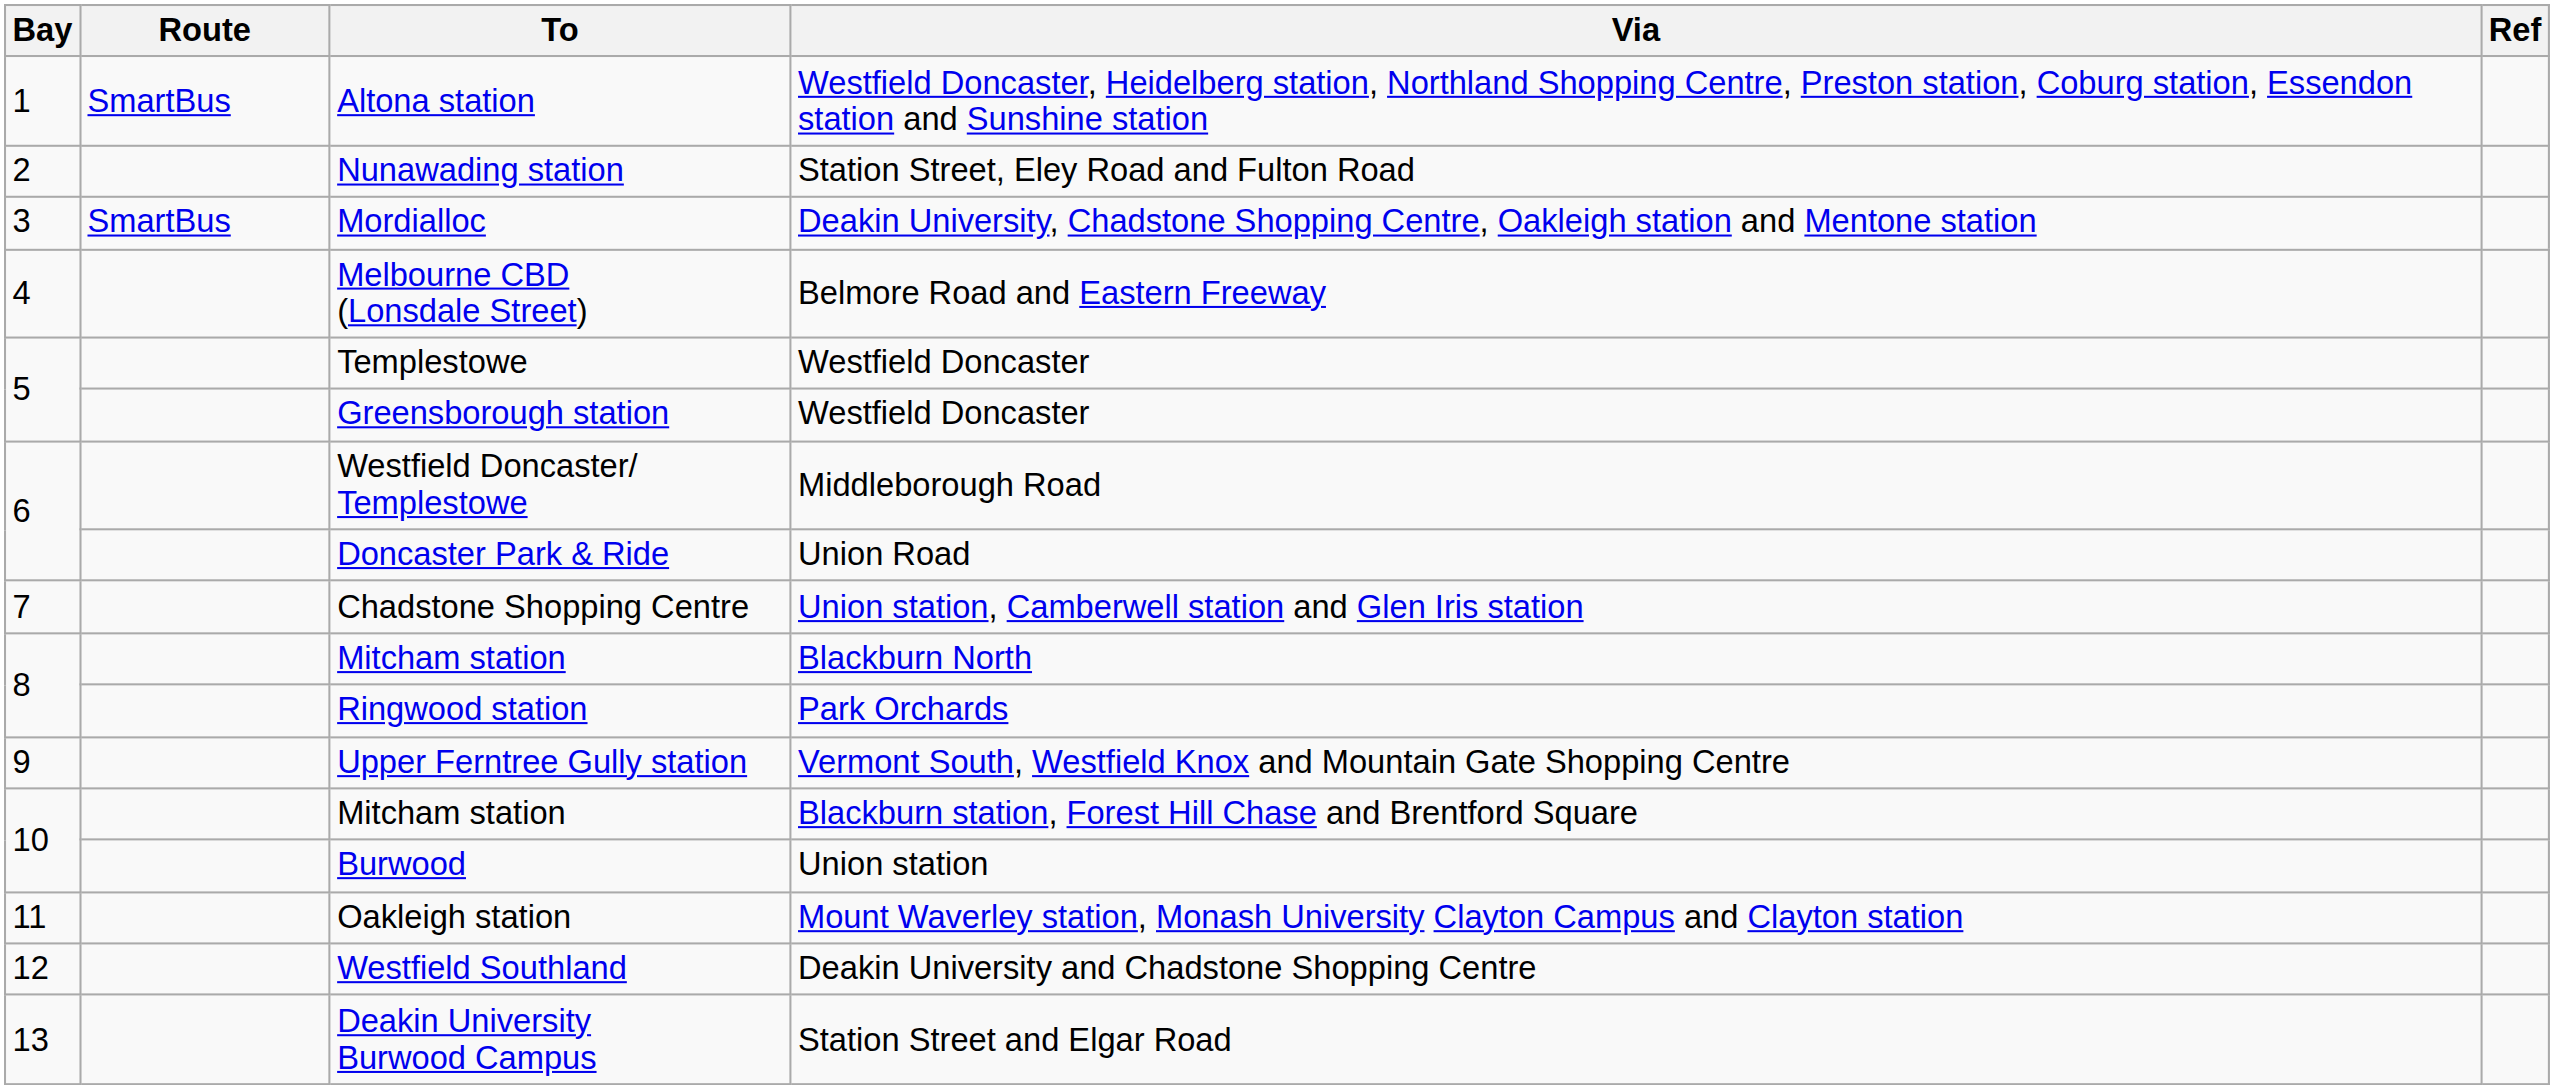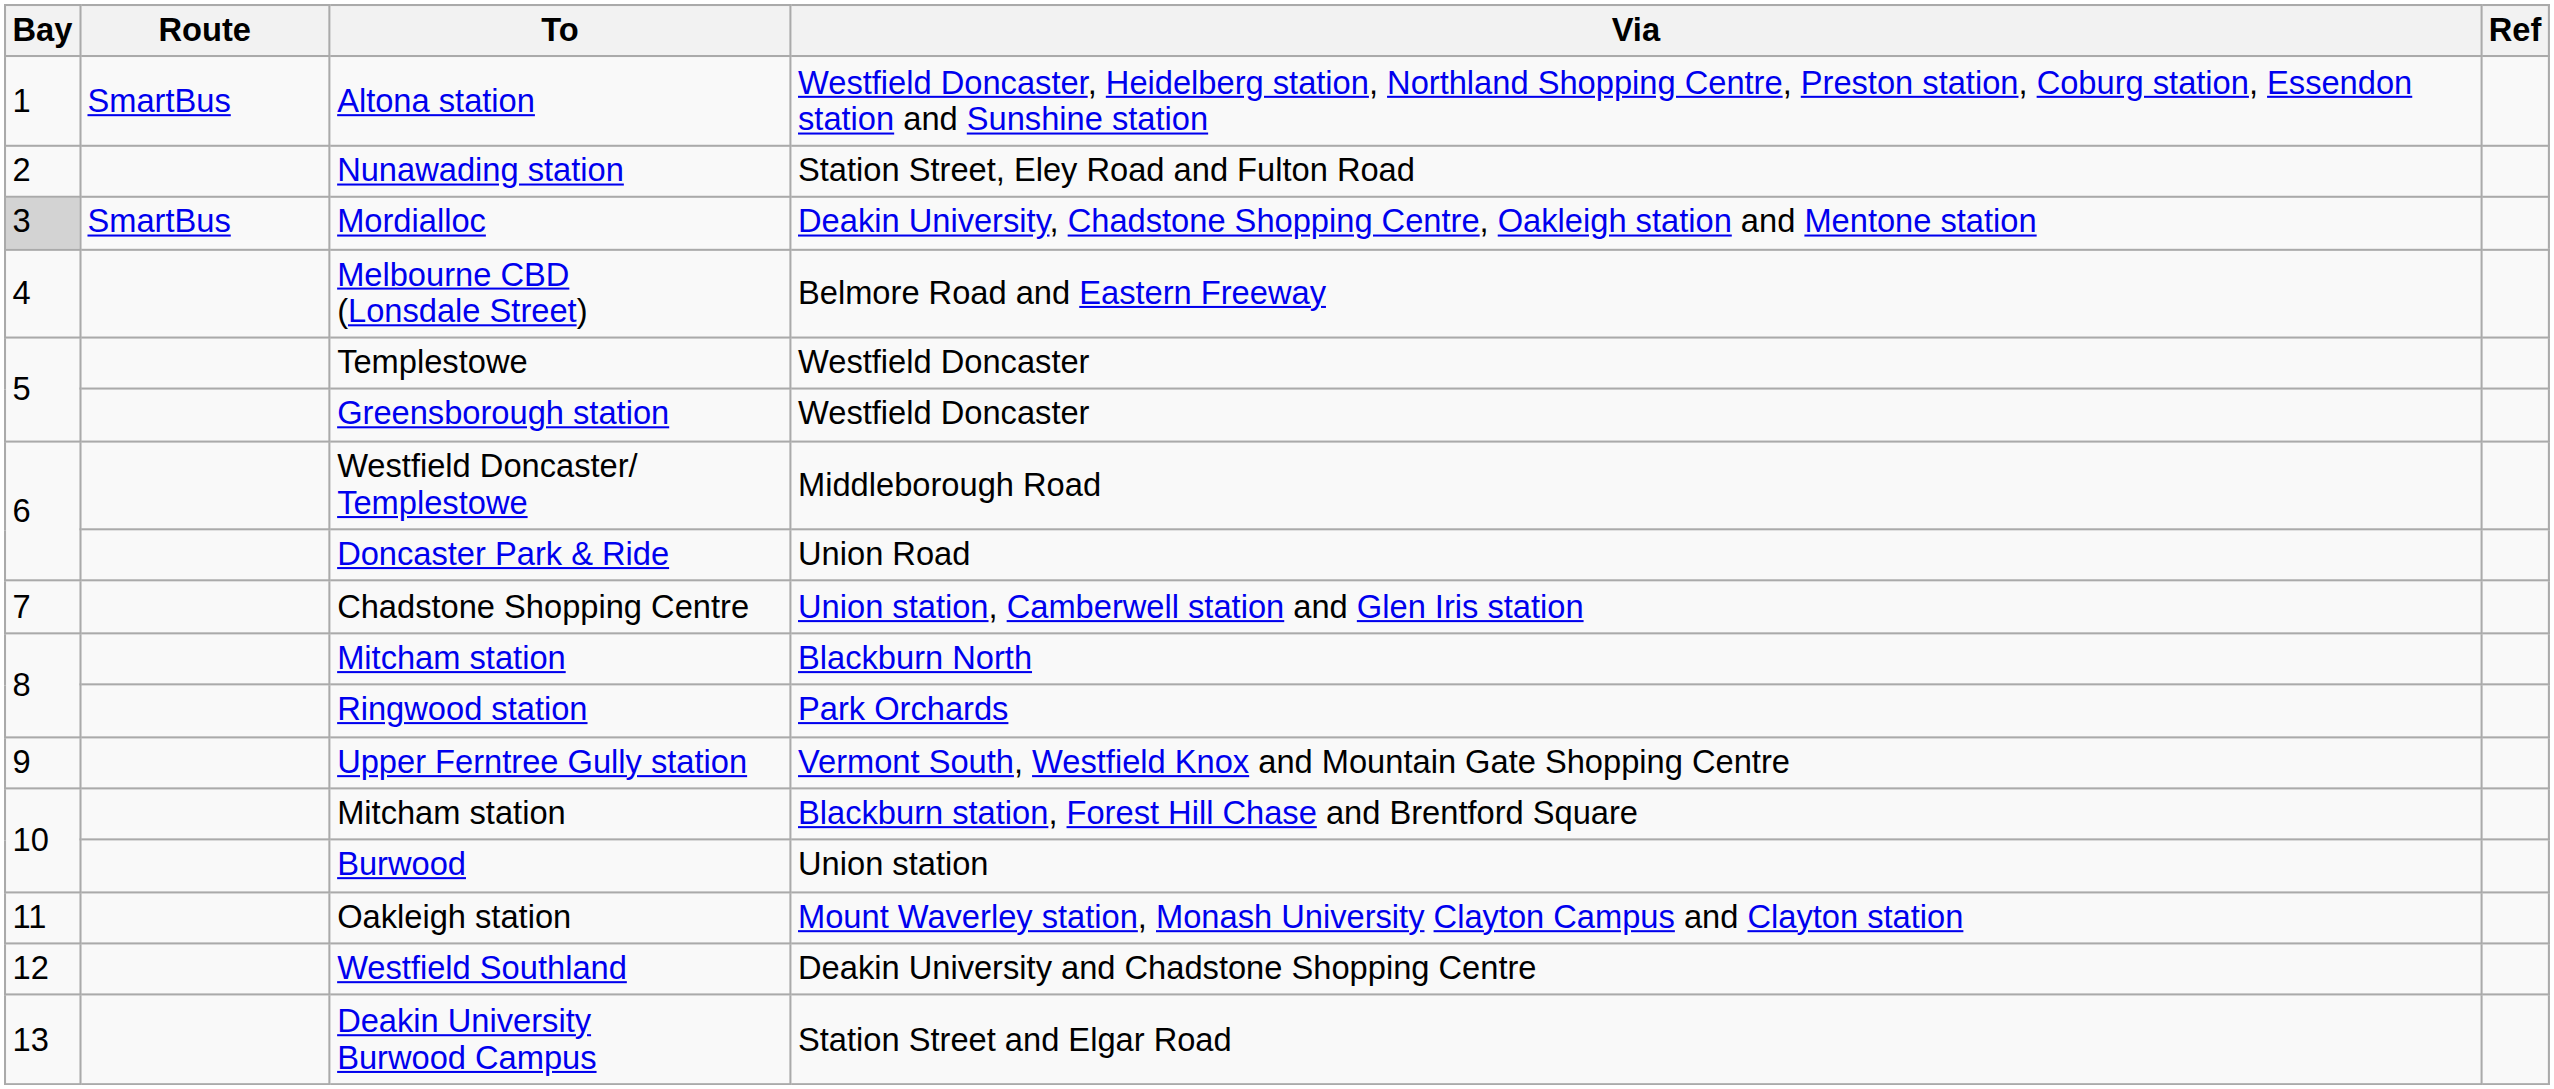 <table class="wikitable">
 <tr>
 <th>Bay</th>
 <th style=width:115px>Route</th>
 <th>To</th>
 <th>Via</th>
 <th>Ref</th>
 </tr>
 <tr>
 <td>1</td>
 <td><a href='#'>SmartBus</a> </td>
 <td><a href='#'>Altona station</a></td>
 <td><a href='#'>Westfield Doncaster</a>, <a href='#'>Heidelberg station</a>, <a href='#'>Northland Shopping Centre</a>, <a href='#'>Preston station</a>, <a href='#'>Coburg station</a>, <a href='#'>Essendon station</a> and <a href='#'>Sunshine station</a></td>
 <td></td>
 </tr>
 <tr>
 <td>2</td>
 <td></td>
 <td><a href='#'>Nunawading station</a></td>
 <td>Station Street, Eley Road and Fulton Road</td>
 <td></td>
 </tr>
 <tr>
-<td>3</td>
+<td style="background: lightgrey;">3</td>
 <td><a href='#'>SmartBus</a> </td>
 <td><a href='#'>Mordialloc</a></td>
 <td><a href='#'>Deakin University</a>, <a href='#'>Chadstone Shopping Centre</a>, <a href='#'>Oakleigh station</a> and <a href='#'>Mentone station</a></td>
 </tr>
 <tr>
 <td>4</td>
 <td></td>
 <td><a href='#'>Melbourne CBD</a><br>(<a href='#'>Lonsdale Street</a>)</td>
 <td>Belmore Road and <a href='#'>Eastern Freeway</a></td>
 <td></td>
 </tr>
 <tr>
 <td rowspan="2">5</td>
 <td></td>
 <td>Templestowe</td>
 <td>Westfield Doncaster</td>
 <td></td>
 </tr>
 <tr>
 <td></td>
 <td><a href='#'>Greensborough station</a></td>
 <td>Westfield Doncaster</td>
 <td></td>
 </tr>
 <tr>
 <td rowspan="2">6</td>
 <td></td>
 <td>Westfield Doncaster/ <a href='#'>Templestowe</a></td>
 <td>Middleborough Road</td>
 <td></td>
 </tr>
 <tr>
 <td></td>
 <td><a href='#'>Doncaster Park & Ride</a></td>
 <td>Union Road</td>
 <td></td>
 </tr>
 <tr>
 <td>7</td>
 <td></td>
 <td>Chadstone Shopping Centre</td>
 <td><a href='#'>Union station</a>, <a href='#'>Camberwell station</a> and <a href='#'>Glen Iris station</a></td>
 <td></td>
 </tr>
 <tr>
 <td rowspan="2">8</td>
 <td></td>
 <td><a href='#'>Mitcham station</a></td>
 <td><a href='#'>Blackburn North</a></td>
 <td></td>
 </tr>
 <tr>
 <td></td>
 <td><a href='#'>Ringwood station</a></td>
 <td><a href='#'>Park Orchards</a></td>
 <td></td>
 </tr>
 <tr>
 <td>9</td>
 <td></td>
 <td><a href='#'>Upper Ferntree Gully station</a></td>
 <td><a href='#'>Vermont South</a>, <a href='#'>Westfield Knox</a> and Mountain Gate Shopping Centre</td>
 <td></td>
 </tr>
 <tr>
 <td rowspan="2">10</td>
 <td></td>
 <td>Mitcham station</td>
 <td><a href='#'>Blackburn station</a>, <a href='#'>Forest Hill Chase</a> and Brentford Square</td>
 <td></td>
 </tr>
 <tr>
 <td></td>
 <td><a href='#'>Burwood</a></td>
 <td>Union station</td>
 <td></td>
 </tr>
 <tr>
 <td>11</td>
 <td></td>
 <td>Oakleigh station</td>
 <td><a href='#'>Mount Waverley station</a>, <a href='#'>Monash University</a> <a href='#'>Clayton Campus</a> and <a href='#'>Clayton station</a></td>
 <td></td>
 </tr>
 <tr>
 <td>12</td>
 <td></td>
 <td><a href='#'>Westfield Southland</a></td>
 <td>Deakin University and Chadstone Shopping Centre</td>
 <td></td>
 </tr>
 <tr>
 <td>13</td>
 <td></td>
 <td><a href='#'>Deakin University</a><br><a href='#'>Burwood Campus</a></td>
 <td>Station Street and Elgar Road</td>
 <td></td>
 </tr>
 </table>
